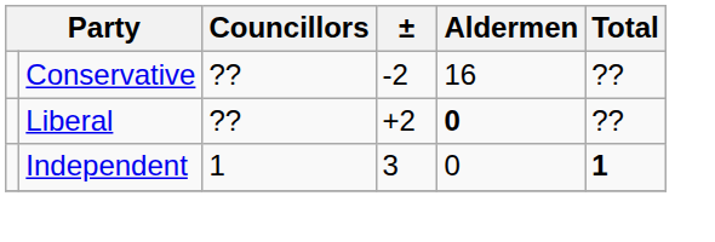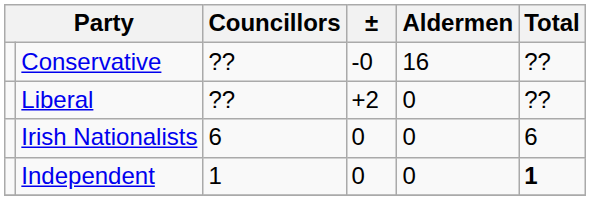 <table class="wikitable">
 <tr>
 <th colspan="2">Party</th>
 <th>Councillors</th>
 <th>  ±  </th>
 <th>Aldermen</th>
 <th>Total</th>
 </tr>
 <tr>
 <td style="background-color: "></td>
 <td><a href='#'>Conservative</a></td>
 <td>??</td>
-<td>-2</td>
+<td>-0</td>
 <td>16</td>
 <td>??</td>
 </tr>
 <tr>
 <td style="background-color: "></td>
 <td><a href='#'>Liberal</a></td>
 <td>??</td>
 <td>+2</td>
-<td><strong>0</strong></td>
+<td>0</td>
 <td>??</td>
+</tr>
+<tr>
+<td style="background-color: "></td>
+<td><a href='#'>Irish Nationalists</a></td>
+<td>6</td>
+<td>0</td>
+<td>0</td>
+<td>6</td>
 </tr>
 <tr>
 <td style="background-color: "></td>
 <td><a href='#'>Independent</a></td>
 <td>1</td>
-<td>3</td>
+<td>0</td>
 <td>0</td>
 <td><strong>1</strong></td>
 </tr>
 <tr>
 </tr>
 </table>
